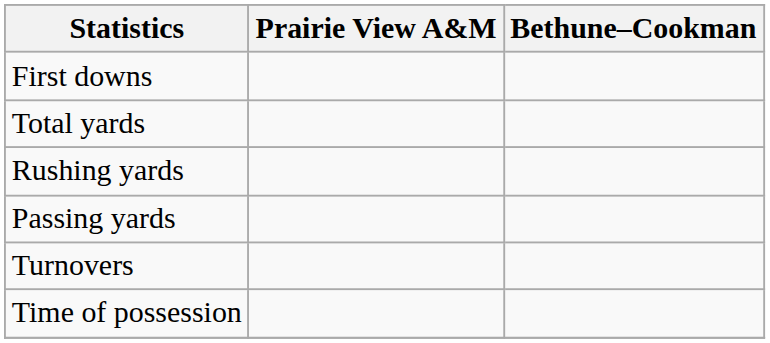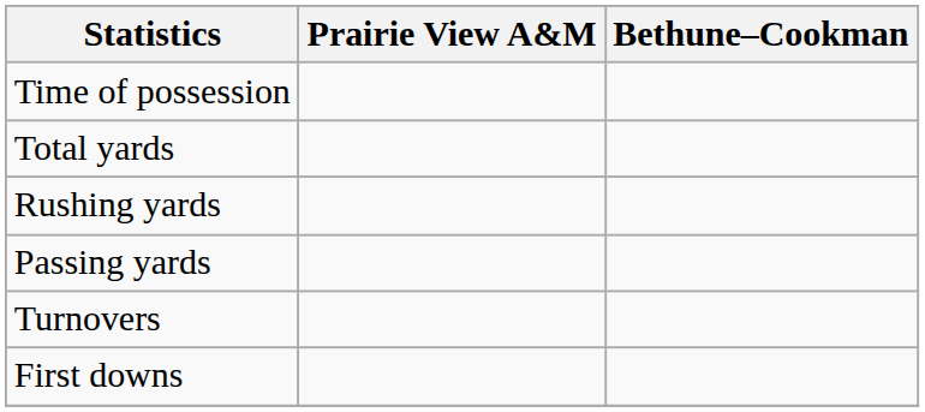 <table class="wikitable">
 <tr>
 <th>Statistics</th>
 <th>Prairie View A&M</th>
 <th>Bethune–Cookman</th>
 </tr>
 <tr>
-<td>First downs</td>
+<td>Time of possession</td>
 <td> </td>
 <td> </td>
 </tr>
 <tr>
 <td>Total yards</td>
 <td> </td>
 <td> </td>
 </tr>
 <tr>
 <td>Rushing yards</td>
 <td> </td>
 <td> </td>
 </tr>
 <tr>
 <td>Passing yards</td>
 <td> </td>
 <td> </td>
 </tr>
 <tr>
 <td>Turnovers</td>
 <td> </td>
 <td> </td>
 </tr>
 <tr>
-<td>Time of possession</td>
+<td>First downs</td>
 <td> </td>
 <td> </td>
 </tr>
 <tr>
 </tr>
 </table>
